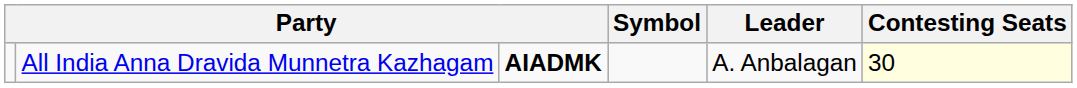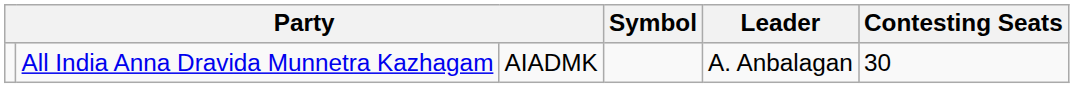 <table class="wikitable">
 <tr>
 <th colspan=3>Party</th>
 <th>Symbol</th>
 <th>Leader</th>
 <th>Contesting Seats</th>
 </tr>
 <tr>
 <td></td>
 <td><a href='#'>All India Anna Dravida Munnetra Kazhagam</a></td>
-<td><strong>AIADMK</strong></td>
+<td>AIADMK</td>
 <td></td>
 <td>A. Anbalagan</td>
-<td style="background: lightyellow;">30</td>
+<td>30</td>
 </tr>
 </table>
